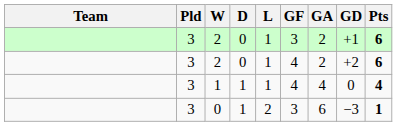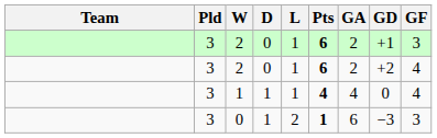 <table class="wikitable" style="text-align:center;">
 <tr>
 <th width=180>Team</th>
 <th width=20>Pld</th>
 <th width=20>W</th>
 <th width=20>D</th>
 <th width=20>L</th>
-<th width=20>GF</th>
+<th width=20>Pts</th>
 <th width=20>GA</th>
 <th width=20>GD</th>
-<th width=20>Pts</th>
+<th width=20>GF</th>
 </tr>
 <tr bgcolor="ccffcc">
 <td align="left"><em></em></td>
 <td>3</td>
 <td>2</td>
 <td>0</td>
 <td>1</td>
-<td>3</td>
+<td><strong>6</strong></td>
 <td>2</td>
 <td>+1</td>
-<td><strong>6</strong></td>
+<td>3</td>
 </tr>
 <tr>
 <td align="left"></td>
 <td>3</td>
 <td>2</td>
 <td>0</td>
 <td>1</td>
-<td>4</td>
+<td><strong>6</strong></td>
 <td>2</td>
 <td>+2</td>
-<td><strong>6</strong></td>
+<td>4</td>
 </tr>
 <tr>
 <td align="left"></td>
 <td>3</td>
 <td>1</td>
 <td>1</td>
 <td>1</td>
-<td>4</td>
+<td><strong>4</strong></td>
 <td>4</td>
 <td>0</td>
-<td><strong>4</strong></td>
+<td>4</td>
 </tr>
 <tr>
 <td align="left"></td>
 <td>3</td>
 <td>0</td>
 <td>1</td>
 <td>2</td>
-<td>3</td>
+<td><strong>1</strong></td>
 <td>6</td>
 <td>−3</td>
-<td><strong>1</strong></td>
+<td>3</td>
 </tr>
 </table>
